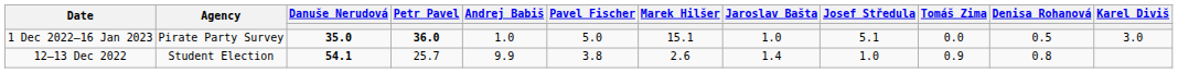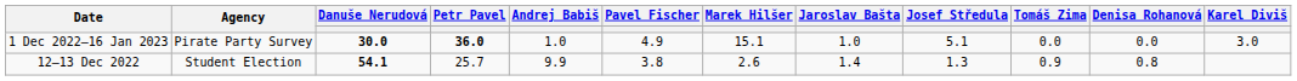 <table class="wikitable" style=text-align:center;font-size:85%;line-height:14px;">
 <tr>
 <th rowspan="2">Date</th>
 <th rowspan="2">Agency</th>
 <th><a href='#'>Danuše Nerudová</a></th>
 <th><a href='#'>Petr Pavel</a></th>
 <th><a href='#'>Andrej Babiš</a></th>
 <th><a href='#'>Pavel Fischer</a></th>
 <th><a href='#'>Marek Hilšer</a></th>
 <th><a href='#'>Jaroslav Bašta</a></th>
 <th><a href='#'>Josef Středula</a></th>
 <th><a href='#'>Tomáš Zima</a></th>
 <th><a href='#'>Denisa Rohanová</a></th>
 <th><a href='#'>Karel Diviš</a></th>
 </tr>
 <tr>
 <th style="background:"></th>
 <th style="background:"></th>
 <th style="background:"></th>
 <th style="background:"></th>
 <th style="background:"></th>
 <th style="background:"></th>
 <th style="background:"></th>
 <th style="background:"></th>
 <th style="background:"></th>
 <th style="background:"></th>
 </tr>
 <tr>
 <td>1 Dec 2022–16 Jan 2023</td>
 <td>Pirate Party Survey</td>
-<td><strong>35.0</strong></td>
+<td><strong>30.0</strong></td>
 <td><strong>36.0</strong></td>
 <td>1.0</td>
-<td>5.0</td>
+<td>4.9</td>
 <td>15.1</td>
 <td>1.0</td>
 <td>5.1</td>
 <td>0.0</td>
-<td>0.5</td>
+<td>0.0</td>
 <td>3.0</td>
 </tr>
 <tr>
 <td>12–13 Dec 2022</td>
 <td>Student Election</td>
 <td><strong>54.1</strong></td>
 <td>25.7</td>
 <td>9.9</td>
 <td>3.8</td>
 <td>2.6</td>
 <td>1.4</td>
-<td>1.0</td>
+<td>1.3</td>
 <td>0.9</td>
 <td>0.8</td>
 <td></td>
 </tr>
 </table>
